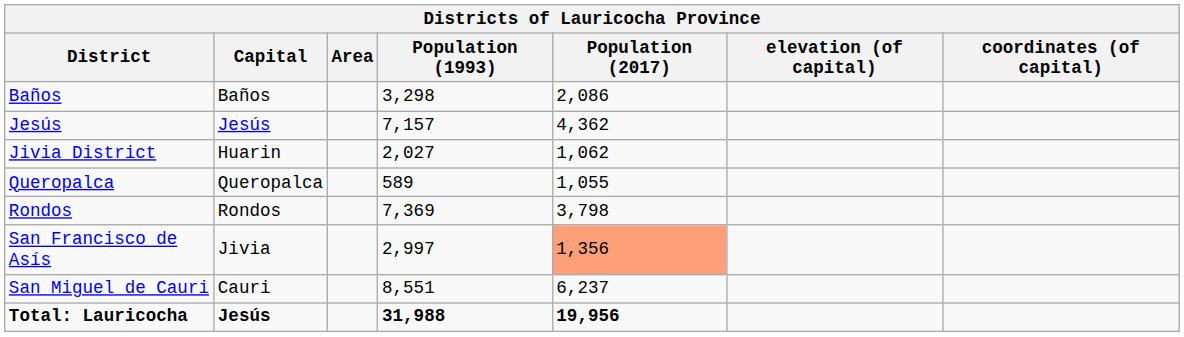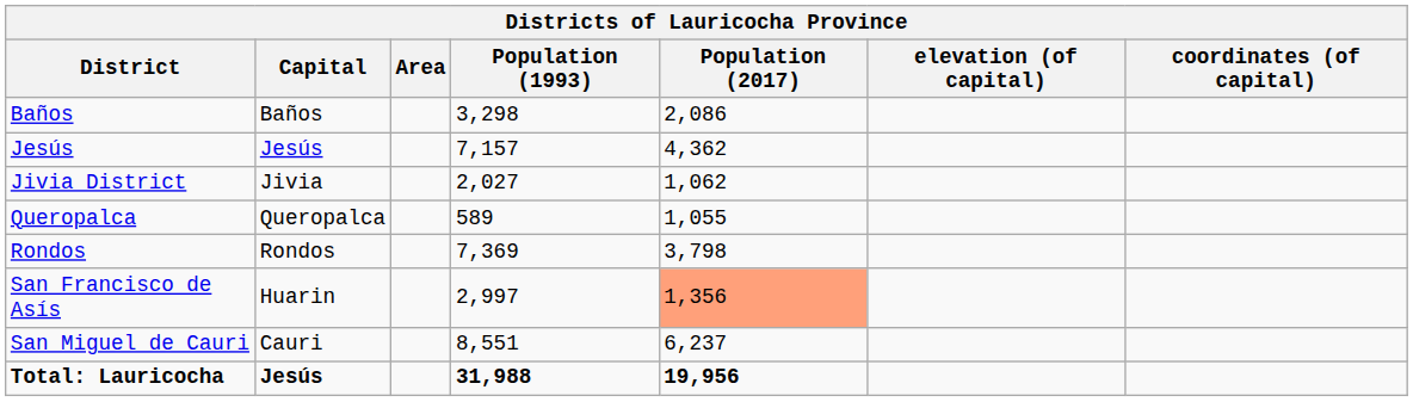 <table class="wikitable">
 <tr>
 <th colspan=7>Districts of Lauricocha Province</th>
 </tr>
 <tr>
 <th>District</th>
 <th>Capital</th>
 <th>Area</th>
 <th>Population (1993)</th>
 <th>Population (2017)</th>
 <th>elevation (of capital)</th>
 <th>coordinates (of capital)</th>
 </tr>
 <tr>
 <td><a href='#'>Baños</a></td>
 <td>Baños</td>
 <td></td>
 <td>3,298</td>
 <td>2,086</td>
 <td></td>
 <td></td>
 </tr>
 <tr>
 <td><a href='#'>Jesús</a></td>
 <td><a href='#'>Jesús</a></td>
 <td></td>
 <td>7,157</td>
 <td>4,362</td>
 <td></td>
 <td></td>
 </tr>
 <tr>
 <td><a href='#'>Jivia District</a></td>
-<td>Huarin</td>
+<td>Jivia</td>
 <td></td>
 <td>2,027</td>
 <td>1,062</td>
 <td></td>
 <td></td>
 </tr>
 <tr>
 <td><a href='#'>Queropalca</a></td>
 <td>Queropalca</td>
 <td></td>
 <td>589</td>
 <td>1,055</td>
 <td></td>
 <td></td>
 </tr>
 <tr>
 <td><a href='#'>Rondos</a></td>
 <td>Rondos</td>
 <td></td>
 <td>7,369</td>
 <td>3,798</td>
 <td></td>
 <td></td>
 </tr>
 <tr>
 <td><a href='#'>San Francisco de Asís</a></td>
-<td>Jivia</td>
+<td>Huarin</td>
 <td></td>
 <td>2,997</td>
 <td style="background: lightsalmon;">1,356</td>
 <td></td>
 <td></td>
 </tr>
 <tr>
 <td><a href='#'>San Miguel de Cauri</a></td>
 <td>Cauri</td>
 <td></td>
 <td>8,551</td>
 <td>6,237</td>
 <td></td>
 <td></td>
 </tr>
 <tr>
 <td><strong>Total: Lauricocha</strong></td>
 <td><strong>Jesús </strong></td>
 <td><strong></strong></td>
 <td><strong>31,988</strong></td>
 <td><strong>19,956</strong></td>
 <td></td>
 <td></td>
 </tr>
 </table>
